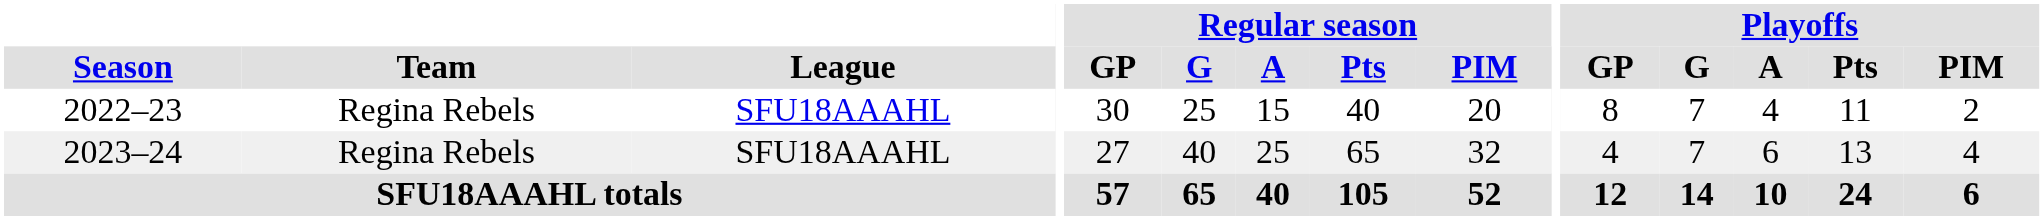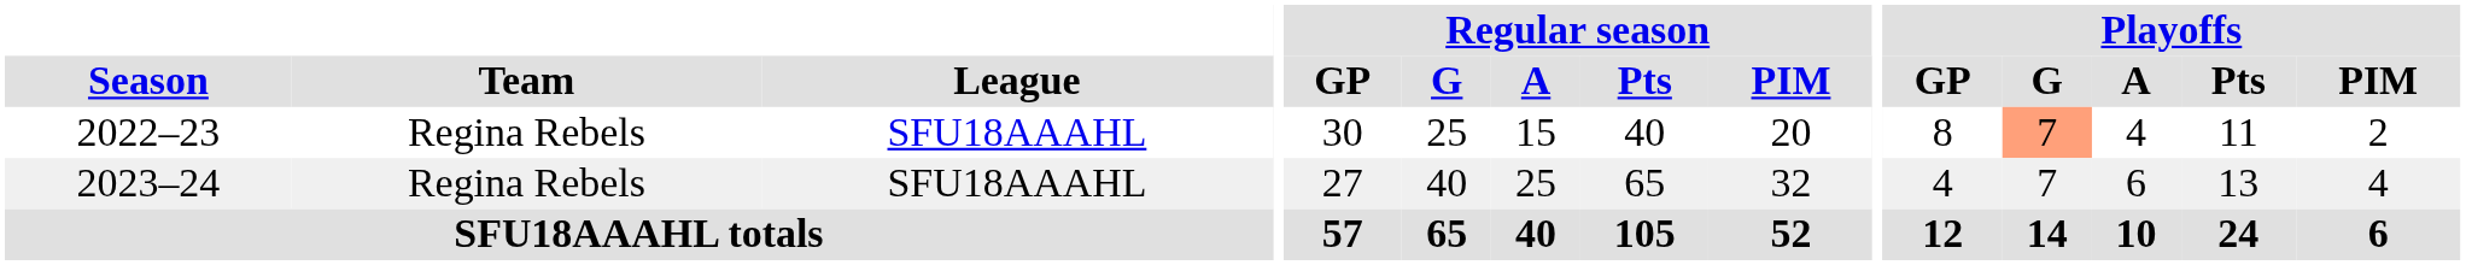 <table border="0" cellpadding="1" cellspacing="0" style="text-align:center; width:60em">
 <tr bgcolor="#e0e0e0">
 <th colspan="3" bgcolor="#ffffff"></th>
 <th rowspan="97" bgcolor="#ffffff"></th>
 <th colspan="5"><a href='#'>Regular season</a></th>
 <th rowspan="97" bgcolor="#ffffff"></th>
 <th colspan="5"><a href='#'>Playoffs</a></th>
 </tr>
 <tr bgcolor="#e0e0e0">
 <th><a href='#'>Season</a></th>
 <th>Team</th>
 <th>League</th>
 <th>GP</th>
 <th><a href='#'>G</a></th>
 <th><a href='#'>A</a></th>
 <th><a href='#'>Pts</a></th>
 <th><a href='#'>PIM</a></th>
 <th>GP</th>
 <th>G</th>
 <th>A</th>
 <th>Pts</th>
 <th>PIM</th>
 </tr>
 <tr>
 <td>2022–23</td>
 <td>Regina Rebels</td>
 <td><a href='#'>SFU18AAAHL</a></td>
 <td>30</td>
 <td>25</td>
 <td>15</td>
 <td>40</td>
 <td>20</td>
 <td>8</td>
-<td>7</td>
+<td style="background: lightsalmon;">7</td>
 <td>4</td>
 <td>11</td>
 <td>2</td>
 </tr>
 <tr bgcolor="#f0f0f0">
 <td>2023–24</td>
 <td>Regina Rebels</td>
 <td>SFU18AAAHL</td>
 <td>27</td>
 <td>40</td>
 <td>25</td>
 <td>65</td>
 <td>32</td>
 <td>4</td>
 <td>7</td>
 <td>6</td>
 <td>13</td>
 <td>4</td>
 </tr>
 <tr bgcolor="#e0e0e0">
 <th colspan="3">SFU18AAAHL totals</th>
 <th>57</th>
 <th>65</th>
 <th>40</th>
 <th>105</th>
 <th>52</th>
 <th>12</th>
 <th>14</th>
 <th>10</th>
 <th>24</th>
 <th>6</th>
 </tr>
 </table>
